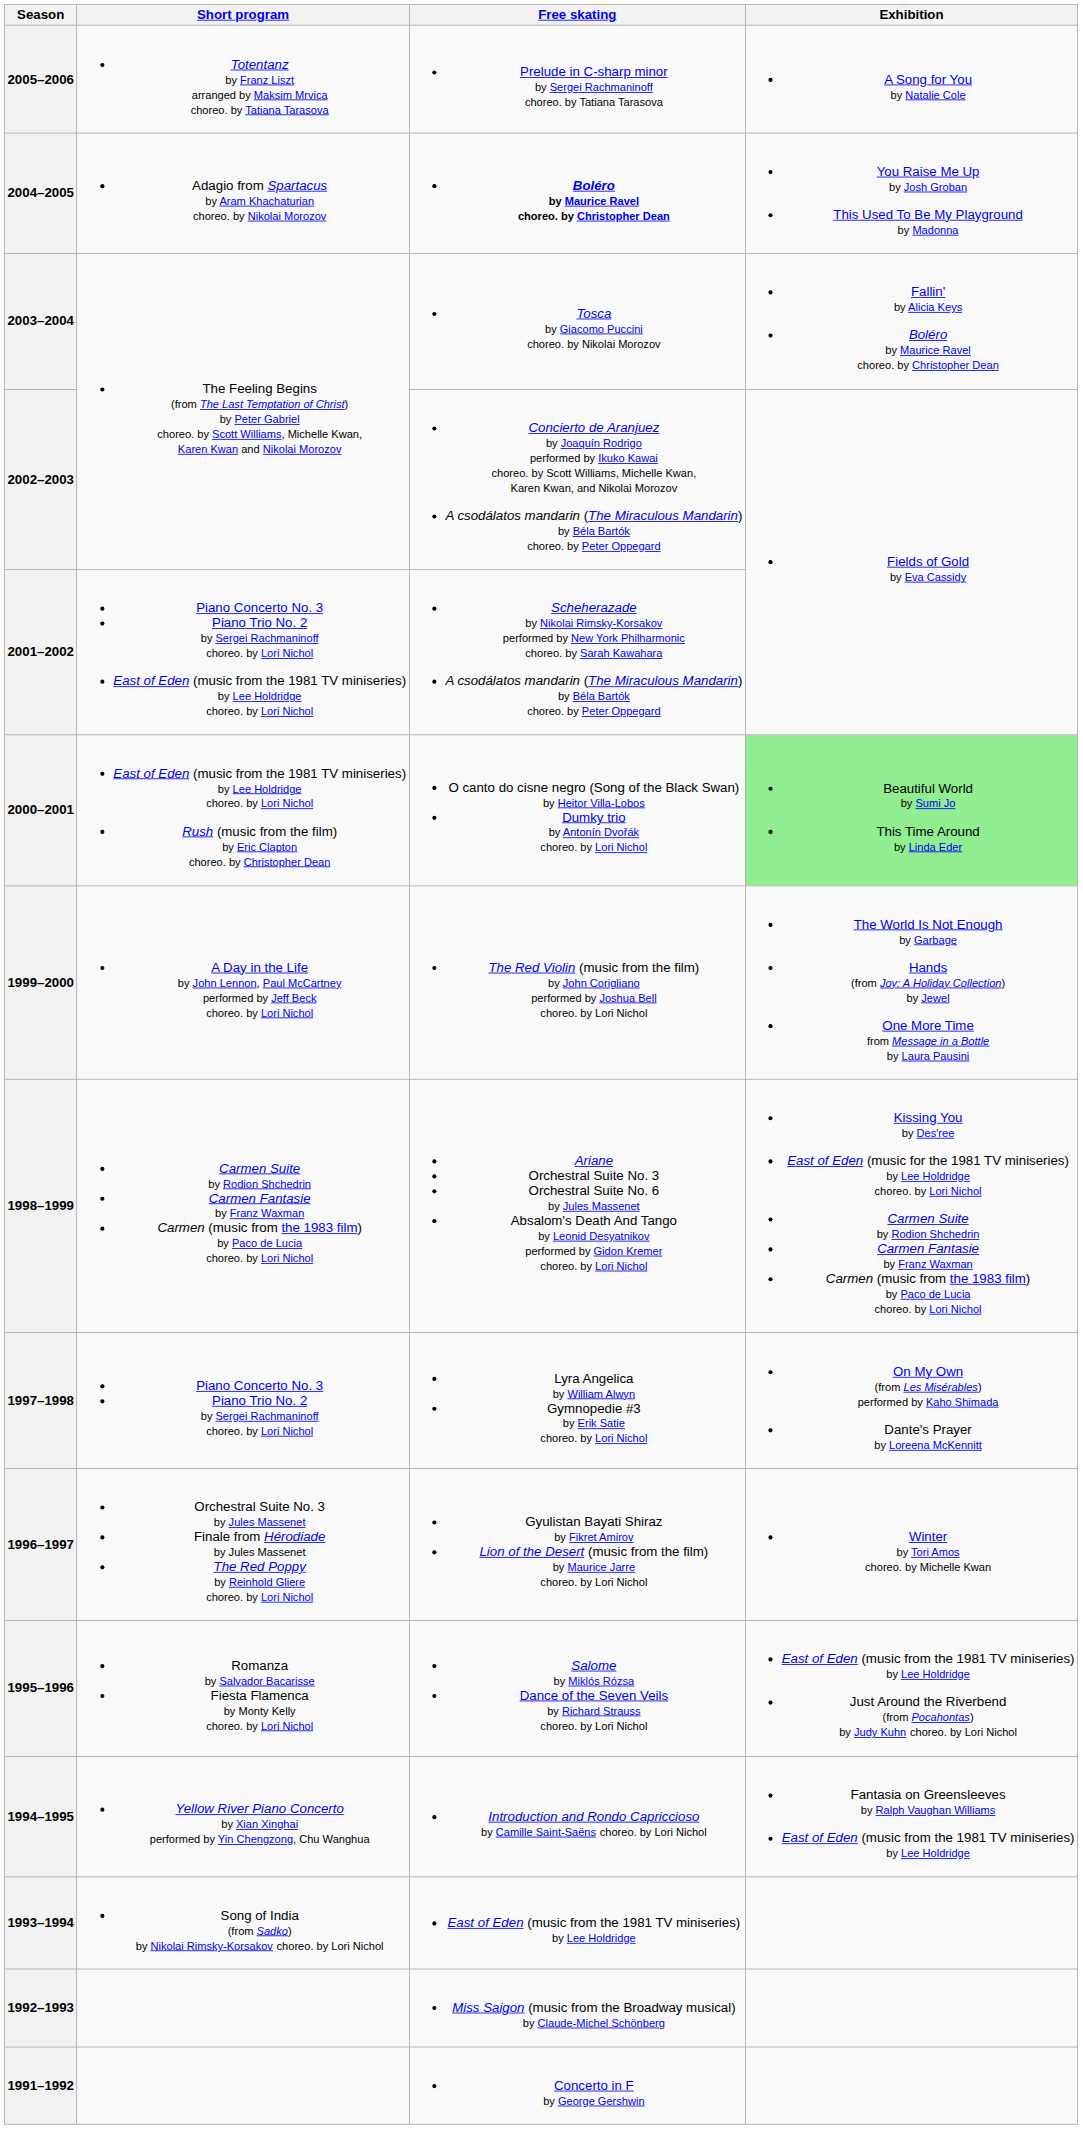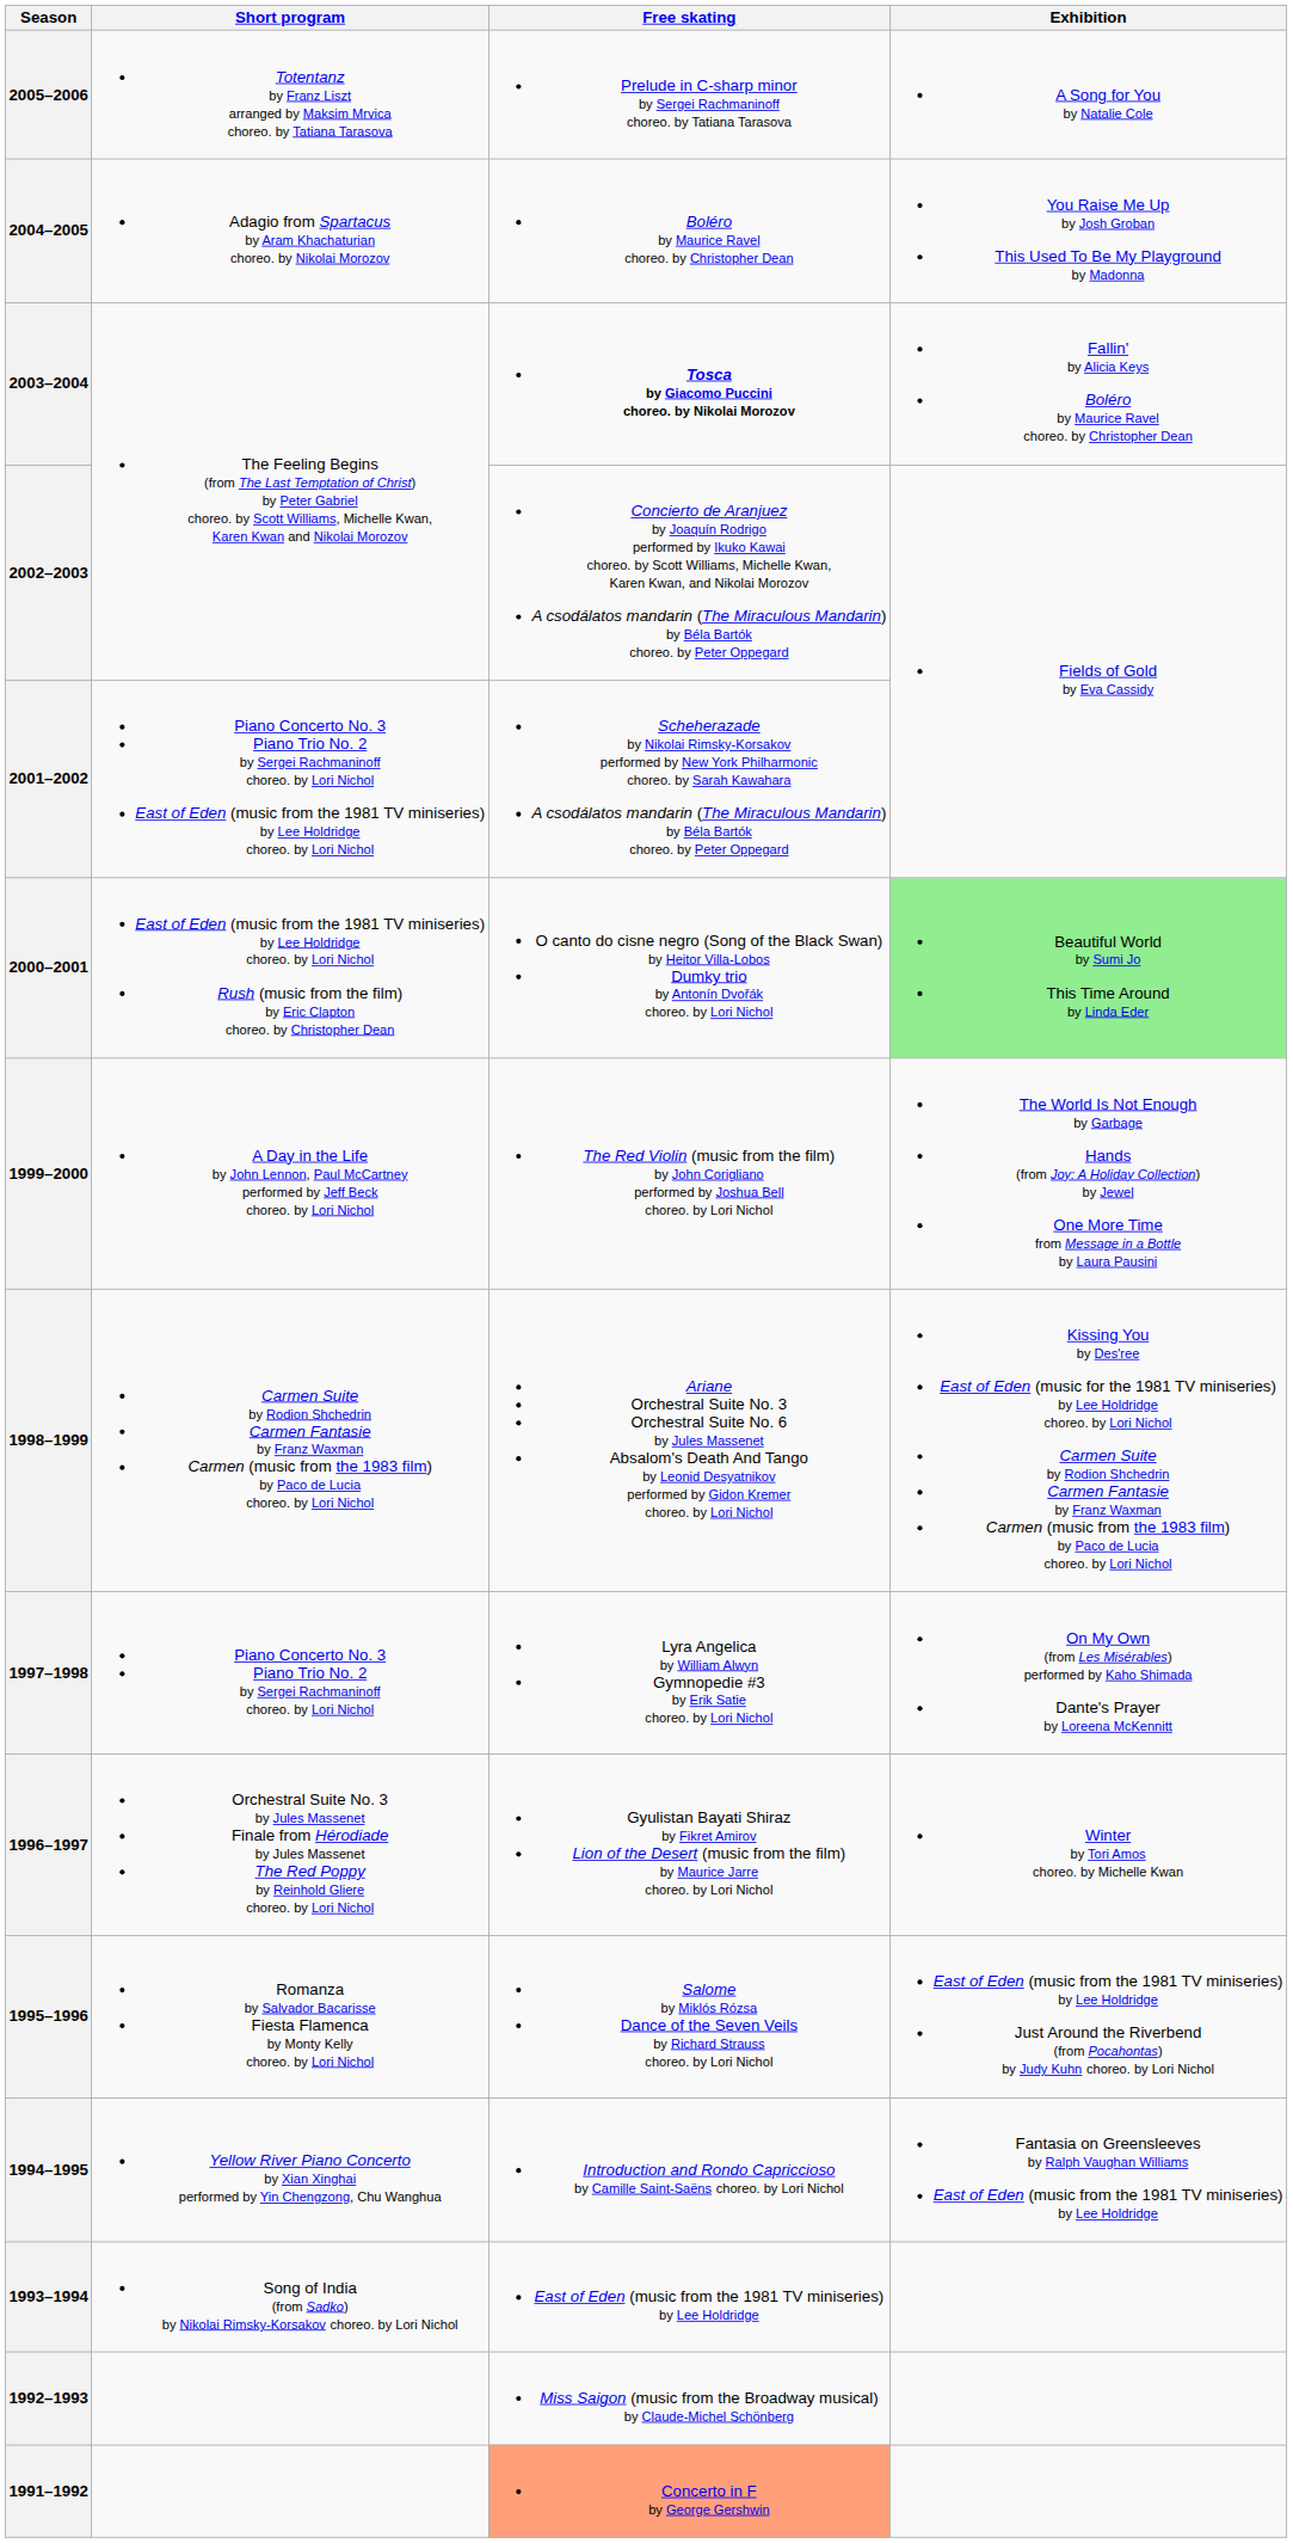 <table class="wikitable" style="text-align:center">
 <tr>
 <th>Season</th>
 <th><a href='#'>Short program</a></th>
 <th><a href='#'>Free skating</a></th>
 <th>Exhibition</th>
 </tr>
 <tr>
 <th>2005–2006<br></th>
 <td><br><ul><li><em><a href='#'>Totentanz</a></em><br><small>by <a href='#'>Franz Liszt</a><br>arranged by <a href='#'>Maksim Mrvica</a><br>choreo. by <a href='#'>Tatiana Tarasova</a> </small></li></ul></td>
 <td><br><ul><li><a href='#'>Prelude in C-sharp minor</a><br><small> by <a href='#'>Sergei Rachmaninoff</a><br>choreo. by Tatiana Tarasova</small></li></ul></td>
 <td><br><ul><li><a href='#'>A Song for You</a><br><small> by <a href='#'>Natalie Cole</a></small></li></ul></td>
 </tr>
 <tr>
 <th>2004–2005<br></th>
 <td><br><ul><li>Adagio from <em><a href='#'>Spartacus</a></em><br><small>by <a href='#'>Aram Khachaturian</a><br>choreo. by <a href='#'>Nikolai Morozov</a></small></li></ul></td>
-<td><strong><br><ul><li><em><a href='#'>Boléro</a></em><br><small>by <a href='#'>Maurice Ravel</a><br>choreo. by <a href='#'>Christopher Dean</a></small></li></ul></strong></td>
+<td><br><ul><li><em><a href='#'>Boléro</a></em><br><small>by <a href='#'>Maurice Ravel</a><br>choreo. by <a href='#'>Christopher Dean</a></small></li></ul></td>
 <td><br><ul><li><a href='#'>You Raise Me Up</a><br><small>by <a href='#'>Josh Groban</a></small></li></ul><ul><li><a href='#'>This Used To Be My Playground</a><br><small>by <a href='#'>Madonna</a></small></li></ul></td>
 </tr>
 <tr>
 <th>2003–2004<br></th>
 <td rowspan=2><br><ul><li>The Feeling Begins<br><small>(from <a href='#'><em>The Last Temptation of Christ</em></a>)<br>by <a href='#'>Peter Gabriel</a><br>choreo. by <a href='#'>Scott Williams</a>, Michelle Kwan,<br><a href='#'>Karen Kwan</a> and <a href='#'>Nikolai Morozov</a></small></li></ul></td>
-<td><br><ul><li><em><a href='#'>Tosca</a></em><br><small>by <a href='#'>Giacomo Puccini</a><br>choreo. by Nikolai Morozov</small></li></ul></td>
+<td><strong><br><ul><li><em><a href='#'>Tosca</a></em><br><small>by <a href='#'>Giacomo Puccini</a><br>choreo. by Nikolai Morozov</small></li></ul></strong></td>
 <td><br><ul><li><a href='#'>Fallin'</a><br><small>by <a href='#'>Alicia Keys</a></small></li></ul><ul><li><em><a href='#'>Boléro</a></em><br><small>by <a href='#'>Maurice Ravel</a><br>choreo. by <a href='#'>Christopher Dean</a></small></li></ul></td>
 </tr>
 <tr>
 <th>2002–2003<br></th>
 <td><br><ul><li><em><a href='#'>Concierto de Aranjuez</a></em><br><small>by <a href='#'>Joaquín Rodrigo</a><br>performed by <a href='#'>Ikuko Kawai</a><br>choreo. by Scott Williams, Michelle Kwan,<br>Karen Kwan, and Nikolai Morozov</small></li></ul><ul><li><em>A csodálatos mandarin</em> (<em><a href='#'>The Miraculous Mandarin</a></em>)<br><small>by <a href='#'>Béla Bartók</a><br>choreo. by <a href='#'>Peter Oppegard</a></small></li></ul></td>
 <td rowspan=2><br><ul><li><a href='#'>Fields of Gold</a><br><small>by <a href='#'>Eva Cassidy</a></small></li></ul></td>
 </tr>
 <tr>
 <th>2001–2002<br></th>
 <td><br><ul><li><a href='#'>Piano Concerto No. 3</a></li><li><a href='#'>Piano Trio No. 2</a><br><small>by <a href='#'>Sergei Rachmaninoff</a><br>choreo. by <a href='#'>Lori Nichol</a></small></li></ul><ul><li><em><a href='#'>East of Eden</a></em> (music from the 1981 TV miniseries)<br><small>by <a href='#'>Lee Holdridge</a><br>choreo. by <a href='#'>Lori Nichol</a></small></li></ul></td>
 <td><br><ul><li><em><a href='#'>Scheherazade</a></em><br><small>by <a href='#'>Nikolai Rimsky-Korsakov</a><br>performed by <a href='#'>New York Philharmonic</a><br>choreo. by <a href='#'>Sarah Kawahara</a></small></li></ul><ul><li><em>A csodálatos mandarin</em> (<em><a href='#'>The Miraculous Mandarin</a></em>)<br><small>by <a href='#'>Béla Bartók</a><br>choreo. by <a href='#'>Peter Oppegard</a></small></li></ul></td>
 </tr>
 <tr>
 <th>2000–2001<br></th>
 <td><br><ul><li><em><a href='#'>East of Eden</a></em> (music from the 1981 TV miniseries)<br><small>by <a href='#'>Lee Holdridge</a><br>choreo. by <a href='#'>Lori Nichol</a></small></li></ul><ul><li><em><a href='#'>Rush</a></em> (music from the film)<br><small>by <a href='#'>Eric Clapton</a><br>choreo. by <a href='#'>Christopher Dean</a></small></li></ul></td>
 <td><br><ul><li>O canto do cisne negro (Song of the Black Swan)<br><small> by <a href='#'>Heitor Villa-Lobos</a></small></li><li><a href='#'>Dumky trio</a><br><small>by <a href='#'>Antonín Dvořák</a><br>choreo. by <a href='#'>Lori Nichol</a></small></li></ul></td>
 <td style="background: lightgreen;"><br><ul><li>Beautiful World<br><small>by <a href='#'>Sumi Jo</a></small></li></ul><ul><li>This Time Around<br><small>by <a href='#'>Linda Eder</a></small></li></ul></td>
 </tr>
 <tr>
 <th>1999–2000</th>
 <td><br><ul><li><a href='#'>A Day in the Life</a><br><small>by <a href='#'>John Lennon</a>, <a href='#'>Paul McCartney</a><br>performed by <a href='#'>Jeff Beck</a><br>choreo. by <a href='#'>Lori Nichol</a></small></li></ul></td>
 <td><br><ul><li><em><a href='#'>The Red Violin</a></em> (music from the film)<br><small>by <a href='#'>John Corigliano</a><br>performed by <a href='#'>Joshua Bell</a><br>choreo. by Lori Nichol</small></li></ul></td>
 <td><br><ul><li><a href='#'>The World Is Not Enough</a><br><small>by <a href='#'>Garbage</a></small></li></ul><ul><li><a href='#'>Hands</a><br><small>(from <em><a href='#'>Joy: A Holiday Collection</a></em>)<br>by <a href='#'>Jewel</a></small></li></ul><ul><li><a href='#'>One More Time</a> <br><small>from <em><a href='#'>Message in a Bottle</a></em><br>by <a href='#'>Laura Pausini</a></small></li></ul></td>
 </tr>
 <tr>
 <th>1998–1999</th>
 <td><br><ul><li><em><a href='#'>Carmen Suite</a></em><br><small>by <a href='#'>Rodion Shchedrin</a></small></li><li><em><a href='#'>Carmen Fantasie</a></em><br><small>by <a href='#'>Franz Waxman</a></small></li><li><em>Carmen</em> (music from <a href='#'>the 1983 film</a>)<br><small>by <a href='#'>Paco de Lucia</a><br>choreo. by <a href='#'>Lori Nichol</a></small></li></ul></td>
 <td><br><ul><li><em><a href='#'>Ariane</a></em></li><li>Orchestral Suite No. 3</li><li>Orchestral Suite No. 6<br><small>by <a href='#'>Jules Massenet</a></small></li><li>Absalom's Death And Tango<br><small>by <a href='#'>Leonid Desyatnikov</a><br>performed by <a href='#'>Gidon Kremer</a><br>choreo. by <a href='#'>Lori Nichol</a></small></li></ul></td>
 <td><br><ul><li><a href='#'>Kissing You</a><br><small>by <a href='#'>Des'ree</a></small></li></ul><ul><li><em><a href='#'>East of Eden</a></em> (music for the 1981 TV miniseries)<br><small>by <a href='#'>Lee Holdridge</a><br>choreo. by <a href='#'>Lori Nichol</a></small></li></ul><ul><li><em><a href='#'>Carmen Suite</a></em><br><small>by <a href='#'>Rodion Shchedrin</a></small></li><li><em><a href='#'>Carmen Fantasie</a></em><br><small>by <a href='#'>Franz Waxman</a></small></li><li><em>Carmen</em> (music from <a href='#'>the 1983 film</a>)<br><small>by <a href='#'>Paco de Lucia</a><br>choreo. by <a href='#'>Lori Nichol</a></small></li></ul></td>
 </tr>
 <tr>
 <th>1997–1998</th>
 <td><br><ul><li><a href='#'>Piano Concerto No. 3</a></li><li><a href='#'>Piano Trio No. 2</a><br><small>by <a href='#'>Sergei Rachmaninoff</a><br>choreo. by <a href='#'>Lori Nichol</a></small></li></ul></td>
 <td><br><ul><li>Lyra Angelica<br><small>by <a href='#'>William Alwyn</a></small></li><li>Gymnopedie #3<br><small> by <a href='#'>Erik Satie</a><br>choreo. by <a href='#'>Lori Nichol</a></small></li></ul></td>
 <td><br><ul><li><a href='#'>On My Own</a><br><small> (from <em><a href='#'>Les Misérables</a></em>)<br> performed by <a href='#'>Kaho Shimada</a></small></li></ul><ul><li>Dante's Prayer<br><small>by <a href='#'>Loreena McKennitt</a></small></li></ul></td>
 </tr>
 <tr>
 <th>1996–1997</th>
 <td><br><ul><li>Orchestral Suite No. 3<br><small>by <a href='#'>Jules Massenet</a></small></li><li>Finale from <em><a href='#'>Hérodiade</a></em><br><small>by Jules Massenet</small></li><li><em><a href='#'>The Red Poppy</a></em><br><small>by <a href='#'>Reinhold Gliere</a><br>choreo. by <a href='#'>Lori Nichol</a></small></li></ul></td>
 <td><br><ul><li>Gyulistan Bayati Shiraz<br><small>by <a href='#'>Fikret Amirov</a></small></li><li><em><a href='#'>Lion of the Desert</a></em> (music from the film)<br><small>by <a href='#'>Maurice Jarre</a><br>choreo. by Lori Nichol</small></li></ul></td>
 <td><br><ul><li><a href='#'>Winter</a><br><small>by <a href='#'>Tori Amos</a><br>choreo. by Michelle Kwan</small></li></ul></td>
 </tr>
 <tr>
 <th>1995–1996</th>
 <td><br><ul><li>Romanza<br><small>by <a href='#'>Salvador Bacarisse</a></small></li><li>Fiesta Flamenca<br><small>by Monty Kelly<br>choreo. by <a href='#'>Lori Nichol</a></small></li></ul></td>
 <td><br><ul><li><em><a href='#'>Salome</a></em><br><small>by <a href='#'>Miklós Rózsa</a></small></li><li><a href='#'>Dance of the Seven Veils</a><br><small>by <a href='#'>Richard Strauss</a><br>choreo. by Lori Nichol</small></li></ul></td>
 <td><br><ul><li><em><a href='#'>East of Eden</a></em> (music from the 1981 TV miniseries)<br><small>by <a href='#'>Lee Holdridge</a></small></li></ul><ul><li>Just Around the Riverbend<br><small>(from <em><a href='#'>Pocahontas</a></em>)<br>by <a href='#'>Judy Kuhn</a></small> <small>choreo. by Lori Nichol</small></li></ul></td>
 </tr>
 <tr>
 <th>1994–1995</th>
 <td><br><ul><li><em><a href='#'>Yellow River Piano Concerto</a></em><br><small>by <a href='#'>Xian Xinghai</a><br>performed by <a href='#'>Yin Chengzong</a>, Chu Wanghua</small></li></ul></td>
 <td><br><ul><li><em><a href='#'>Introduction and Rondo Capriccioso</a></em><br><small>by <a href='#'>Camille Saint-Saëns</a></small> <small>choreo. by Lori Nichol</small></li></ul></td>
 <td><br><ul><li>Fantasia on Greensleeves<br><small>by <a href='#'>Ralph Vaughan Williams</a></small></li></ul><ul><li><em><a href='#'>East of Eden</a></em> (music from the 1981 TV miniseries)<br><small>by <a href='#'>Lee Holdridge</a></small></li></ul></td>
 </tr>
 <tr>
 <th>1993–1994</th>
 <td><br><ul><li>Song of India<br><small>(from <em><a href='#'>Sadko</a></em>)<br>by <a href='#'>Nikolai Rimsky-Korsakov</a></small> <small>choreo. by Lori Nichol</small></li></ul></td>
 <td><br><ul><li><em><a href='#'>East of Eden</a></em> (music from the 1981 TV miniseries)<br><small>by <a href='#'>Lee Holdridge</a></small></li></ul></td>
 <td></td>
 </tr>
 <tr>
 <th>1992–1993</th>
 <td></td>
 <td><br><ul><li><em><a href='#'>Miss Saigon</a></em> (music from the Broadway musical)<br><small>by <a href='#'>Claude-Michel Schönberg</a></small></li></ul></td>
 <td></td>
 </tr>
 <tr>
 <th>1991–1992</th>
 <td></td>
-<td><br><ul><li><a href='#'>Concerto in F</a><br><small>by <a href='#'>George Gershwin</a></small></li></ul></td>
+<td style="background: lightsalmon;"><br><ul><li><a href='#'>Concerto in F</a><br><small>by <a href='#'>George Gershwin</a></small></li></ul></td>
 <td></td>
 </tr>
 </table>
